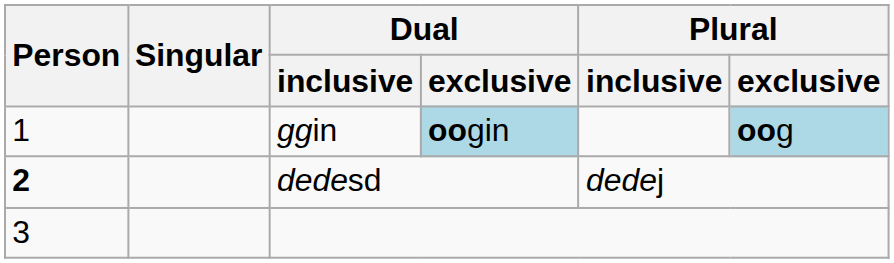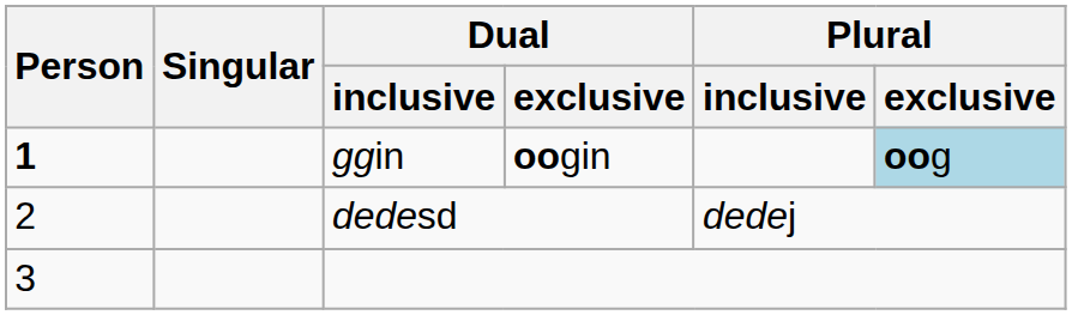 <table class="wikitable">
 <tr>
 <th rowspan="2">Person</th>
 <th rowspan="2">Singular</th>
 <th colspan="2">Dual</th>
 <th colspan="2">Plural</th>
 </tr>
 <tr>
 <th>inclusive</th>
 <th>exclusive</th>
 <th>inclusive</th>
 <th>exclusive</th>
 </tr>
 <tr>
-<td>1</td>
+<td><strong>1</strong></td>
 <td></td>
 <td><em>g</em><em>g</em>in</td>
-<td style="background: lightblue;"><strong>o</strong><strong>o</strong>gin</td>
+<td><strong>o</strong><strong>o</strong>gin</td>
 <td></td>
 <td style="background: lightblue;"><strong>o</strong><strong>o</strong>g</td>
 </tr>
 <tr>
-<td><strong>2</strong></td>
+<td>2</td>
 <td></td>
 <td colspan="2"><em>de</em><em>de</em>sd</td>
 <td colspan="2"><em>de</em><em>de</em>j</td>
 </tr>
 <tr>
 <td>3</td>
 <td></td>
 <td colspan="4"></td>
 </tr>
 </table>
